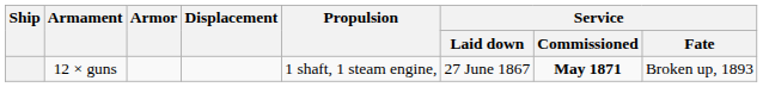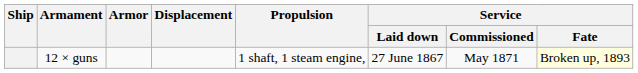 <table class="wikitable plainrowheaders" style="text-align: center;">
 <tr valign="top">
 <th scope="col" rowspan="2">Ship</th>
 <th scope="col" rowspan="2">Armament</th>
 <th scope="col" rowspan="2">Armor</th>
 <th scope="col" rowspan="2">Displacement</th>
 <th scope="col" rowspan="2">Propulsion</th>
 <th scope="col" colspan="3">Service</th>
 </tr>
 <tr valign="top">
 <th scope="col">Laid down</th>
 <th scope="col">Commissioned</th>
 <th scope="col">Fate</th>
 </tr>
 <tr valign="center">
 <th scope="row"></th>
 <td>12 ×  guns</td>
 <td></td>
 <td></td>
 <td>1 shaft, 1 steam engine, </td>
 <td>27 June 1867</td>
-<td><strong>May 1871</strong></td>
-<td>Broken up, 1893</td>
+<td>May 1871</td>
+<td style="background: lightyellow;">Broken up, 1893</td>
 </tr>
 </table>
